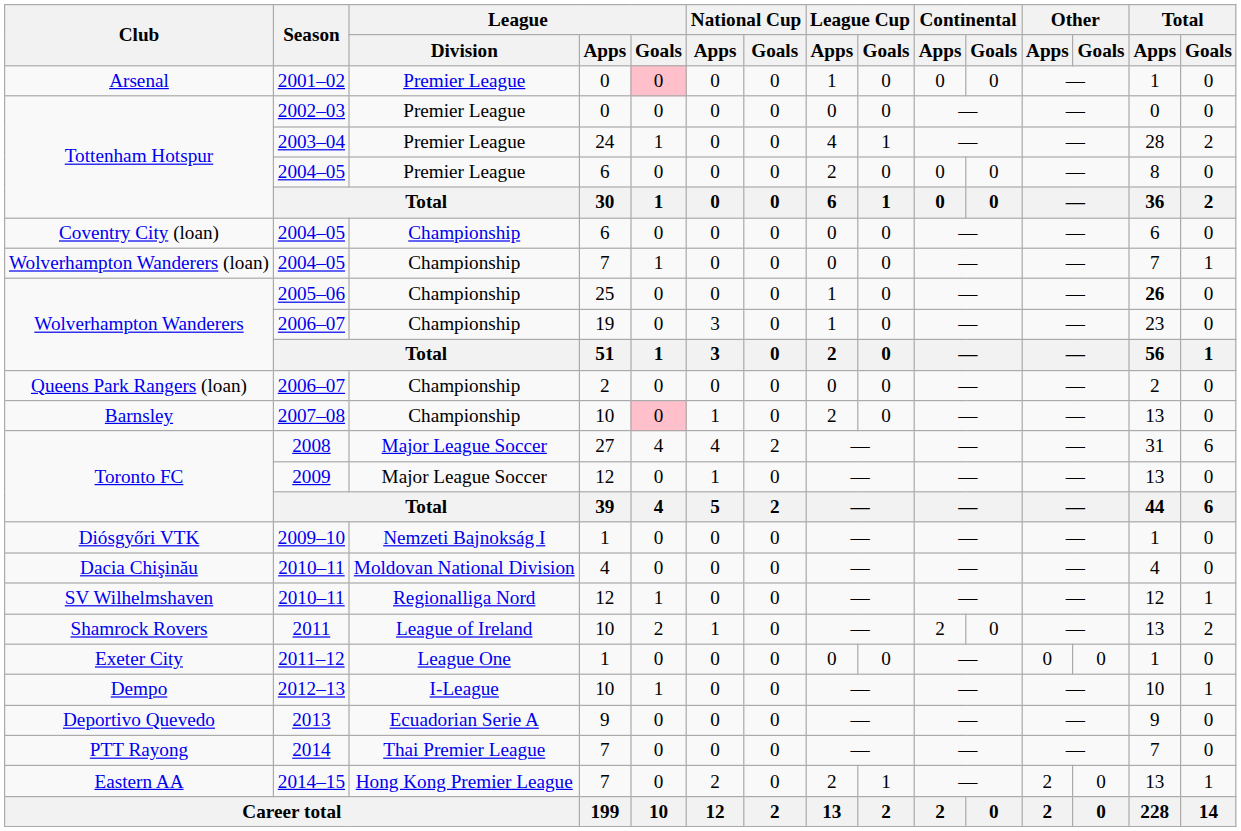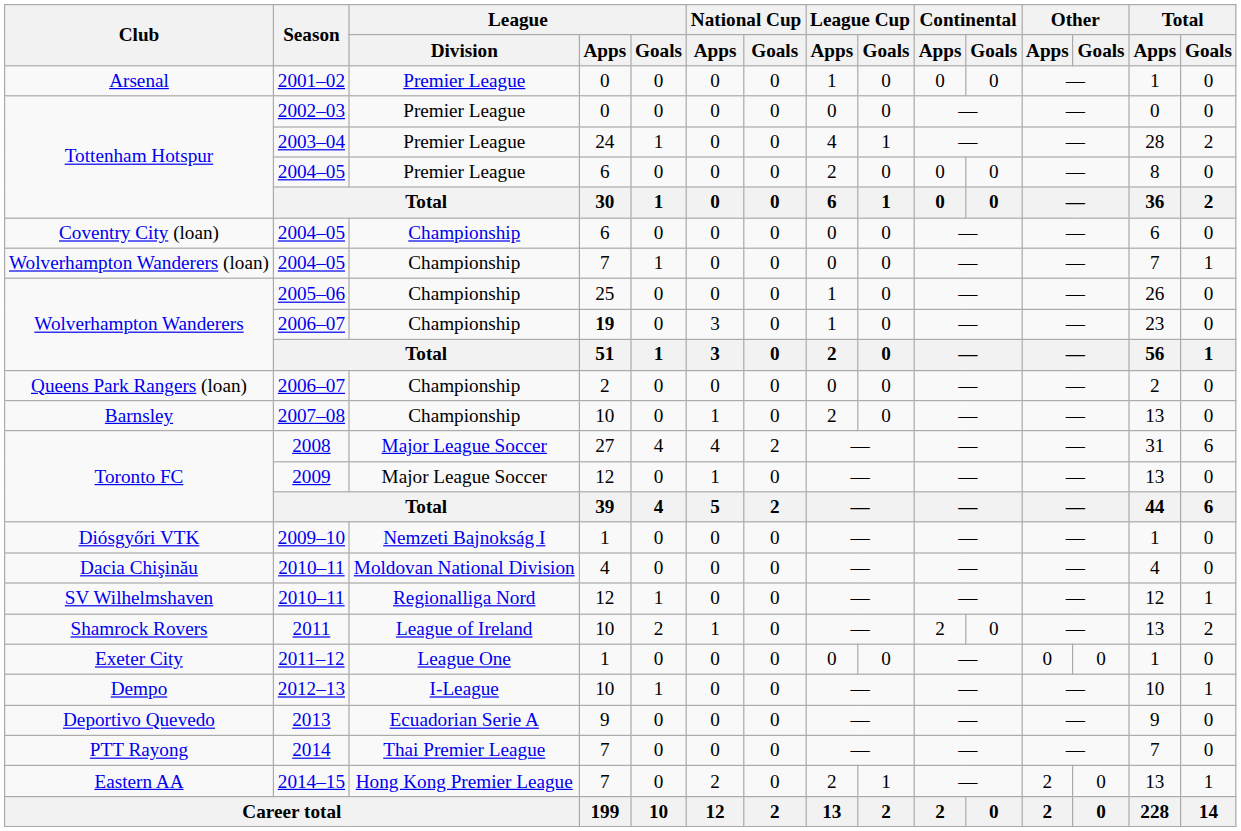 <table class="wikitable" style="text-align:center">
 <tr>
 <th rowspan="2">Club</th>
 <th rowspan="2">Season</th>
 <th colspan="3">League</th>
 <th colspan="2">National Cup</th>
 <th colspan="2">League Cup</th>
 <th colspan="2">Continental</th>
 <th colspan="2">Other</th>
 <th colspan="2">Total</th>
 </tr>
 <tr>
 <th>Division</th>
 <th>Apps</th>
 <th>Goals</th>
 <th>Apps</th>
 <th>Goals</th>
 <th>Apps</th>
 <th>Goals</th>
 <th>Apps</th>
 <th>Goals</th>
 <th>Apps</th>
 <th>Goals</th>
 <th>Apps</th>
 <th>Goals</th>
 </tr>
 <tr>
 <td><a href='#'>Arsenal</a></td>
 <td><a href='#'>2001–02</a></td>
 <td><a href='#'>Premier League</a></td>
 <td>0</td>
-<td style="background: pink;">0</td>
+<td>0</td>
 <td>0</td>
 <td>0</td>
 <td>1</td>
 <td>0</td>
 <td>0</td>
 <td>0</td>
 <td colspan="2">—</td>
 <td>1</td>
 <td>0</td>
 </tr>
 <tr>
 <td rowspan="4"><a href='#'>Tottenham Hotspur</a></td>
 <td><a href='#'>2002–03</a></td>
 <td>Premier League</td>
 <td>0</td>
 <td>0</td>
 <td>0</td>
 <td>0</td>
 <td>0</td>
 <td>0</td>
 <td colspan="2">—</td>
 <td colspan="2">—</td>
 <td>0</td>
 <td>0</td>
 </tr>
 <tr>
 <td><a href='#'>2003–04</a></td>
 <td>Premier League</td>
 <td>24</td>
 <td>1</td>
 <td>0</td>
 <td>0</td>
 <td>4</td>
 <td>1</td>
 <td colspan="2">—</td>
 <td colspan="2">—</td>
 <td>28</td>
 <td>2</td>
 </tr>
 <tr>
 <td><a href='#'>2004–05</a></td>
 <td>Premier League</td>
 <td>6</td>
 <td>0</td>
 <td>0</td>
 <td>0</td>
 <td>2</td>
 <td>0</td>
 <td>0</td>
 <td>0</td>
 <td colspan="2">—</td>
 <td>8</td>
 <td>0</td>
 </tr>
 <tr>
 <th colspan="2">Total</th>
 <th>30</th>
 <th>1</th>
 <th>0</th>
 <th>0</th>
 <th>6</th>
 <th>1</th>
 <th>0</th>
 <th>0</th>
 <th colspan="2">—</th>
 <th>36</th>
 <th>2</th>
 </tr>
 <tr>
 <td><a href='#'>Coventry City</a> (loan)</td>
 <td><a href='#'>2004–05</a></td>
 <td><a href='#'>Championship</a></td>
 <td>6</td>
 <td>0</td>
 <td>0</td>
 <td>0</td>
 <td>0</td>
 <td>0</td>
 <td colspan="2">—</td>
 <td colspan="2">—</td>
 <td>6</td>
 <td>0</td>
 </tr>
 <tr>
 <td><a href='#'>Wolverhampton Wanderers</a> (loan)</td>
 <td><a href='#'>2004–05</a></td>
 <td>Championship</td>
 <td>7</td>
 <td>1</td>
 <td>0</td>
 <td>0</td>
 <td>0</td>
 <td>0</td>
 <td colspan="2">—</td>
 <td colspan="2">—</td>
 <td>7</td>
 <td>1</td>
 </tr>
 <tr>
 <td rowspan="3"><a href='#'>Wolverhampton Wanderers</a></td>
 <td><a href='#'>2005–06</a></td>
 <td>Championship</td>
 <td>25</td>
 <td>0</td>
 <td>0</td>
 <td>0</td>
 <td>1</td>
 <td>0</td>
 <td colspan="2">—</td>
 <td colspan="2">—</td>
-<td><strong>26</strong></td>
+<td>26</td>
 <td>0</td>
 </tr>
 <tr>
 <td><a href='#'>2006–07</a></td>
 <td>Championship</td>
-<td>19</td>
+<td><strong>19</strong></td>
 <td>0</td>
 <td>3</td>
 <td>0</td>
 <td>1</td>
 <td>0</td>
 <td colspan="2">—</td>
 <td colspan="2">—</td>
 <td>23</td>
 <td>0</td>
 </tr>
 <tr>
 <th colspan="2">Total</th>
 <th>51</th>
 <th>1</th>
 <th>3</th>
 <th>0</th>
 <th>2</th>
 <th>0</th>
 <th colspan="2">—</th>
 <th colspan="2">—</th>
 <th>56</th>
 <th>1</th>
 </tr>
 <tr>
 <td><a href='#'>Queens Park Rangers</a> (loan)</td>
 <td><a href='#'>2006–07</a></td>
 <td>Championship</td>
 <td>2</td>
 <td>0</td>
 <td>0</td>
 <td>0</td>
 <td>0</td>
 <td>0</td>
 <td colspan="2">—</td>
 <td colspan="2">—</td>
 <td>2</td>
 <td>0</td>
 </tr>
 <tr>
 <td><a href='#'>Barnsley</a></td>
 <td><a href='#'>2007–08</a></td>
 <td>Championship</td>
 <td>10</td>
-<td style="background: pink;">0</td>
+<td>0</td>
 <td>1</td>
 <td>0</td>
 <td>2</td>
 <td>0</td>
 <td colspan="2">—</td>
 <td colspan="2">—</td>
 <td>13</td>
 <td>0</td>
 </tr>
 <tr>
 <td rowspan="3"><a href='#'>Toronto FC</a></td>
 <td><a href='#'>2008</a></td>
 <td><a href='#'>Major League Soccer</a></td>
 <td>27</td>
 <td>4</td>
 <td>4</td>
 <td>2</td>
 <td colspan="2">—</td>
 <td colspan="2">—</td>
 <td colspan="2">—</td>
 <td>31</td>
 <td>6</td>
 </tr>
 <tr>
 <td><a href='#'>2009</a></td>
 <td>Major League Soccer</td>
 <td>12</td>
 <td>0</td>
 <td>1</td>
 <td>0</td>
 <td colspan="2">—</td>
 <td colspan="2">—</td>
 <td colspan="2">—</td>
 <td>13</td>
 <td>0</td>
 </tr>
 <tr>
 <th colspan="2">Total</th>
 <th>39</th>
 <th>4</th>
 <th>5</th>
 <th>2</th>
 <th colspan="2">—</th>
 <th colspan="2">—</th>
 <th colspan="2">—</th>
 <th>44</th>
 <th>6</th>
 </tr>
 <tr>
 <td><a href='#'>Diósgyőri VTK</a></td>
 <td><a href='#'>2009–10</a></td>
 <td><a href='#'>Nemzeti Bajnokság I</a></td>
 <td>1</td>
 <td>0</td>
 <td>0</td>
 <td>0</td>
 <td colspan="2">—</td>
 <td colspan="2">—</td>
 <td colspan="2">—</td>
 <td>1</td>
 <td>0</td>
 </tr>
 <tr>
 <td><a href='#'>Dacia Chişinău</a></td>
 <td><a href='#'>2010–11</a></td>
 <td><a href='#'>Moldovan National Division</a></td>
 <td>4</td>
 <td>0</td>
 <td>0</td>
 <td>0</td>
 <td colspan="2">—</td>
 <td colspan="2">—</td>
 <td colspan="2">—</td>
 <td>4</td>
 <td>0</td>
 </tr>
 <tr>
 <td><a href='#'>SV Wilhelmshaven</a></td>
 <td><a href='#'>2010–11</a></td>
 <td><a href='#'>Regionalliga Nord</a></td>
 <td>12</td>
 <td>1</td>
 <td>0</td>
 <td>0</td>
 <td colspan="2">—</td>
 <td colspan="2">—</td>
 <td colspan="2">—</td>
 <td>12</td>
 <td>1</td>
 </tr>
 <tr>
 <td><a href='#'>Shamrock Rovers</a></td>
 <td><a href='#'>2011</a></td>
 <td><a href='#'>League of Ireland</a></td>
 <td>10</td>
 <td>2</td>
 <td>1</td>
 <td>0</td>
 <td colspan="2">—</td>
 <td>2</td>
 <td>0</td>
 <td colspan="2">—</td>
 <td>13</td>
 <td>2</td>
 </tr>
 <tr>
 <td><a href='#'>Exeter City</a></td>
 <td><a href='#'>2011–12</a></td>
 <td><a href='#'>League One</a></td>
 <td>1</td>
 <td>0</td>
 <td>0</td>
 <td>0</td>
 <td>0</td>
 <td>0</td>
 <td colspan="2">—</td>
 <td>0</td>
 <td>0</td>
 <td>1</td>
 <td>0</td>
 </tr>
 <tr>
 <td><a href='#'>Dempo</a></td>
 <td><a href='#'>2012–13</a></td>
 <td><a href='#'>I-League</a></td>
 <td>10</td>
 <td>1</td>
 <td>0</td>
 <td>0</td>
 <td colspan="2">—</td>
 <td colspan="2">—</td>
 <td colspan="2">—</td>
 <td>10</td>
 <td>1</td>
 </tr>
 <tr>
 <td><a href='#'>Deportivo Quevedo</a></td>
 <td><a href='#'>2013</a></td>
 <td><a href='#'>Ecuadorian Serie A</a></td>
 <td>9</td>
 <td>0</td>
 <td>0</td>
 <td>0</td>
 <td colspan="2">—</td>
 <td colspan="2">—</td>
 <td colspan="2">—</td>
 <td>9</td>
 <td>0</td>
 </tr>
 <tr>
 <td><a href='#'>PTT Rayong</a></td>
 <td><a href='#'>2014</a></td>
 <td><a href='#'>Thai Premier League</a></td>
 <td>7</td>
 <td>0</td>
 <td>0</td>
 <td>0</td>
 <td colspan="2">—</td>
 <td colspan="2">—</td>
 <td colspan="2">—</td>
 <td>7</td>
 <td>0</td>
 </tr>
 <tr>
 <td><a href='#'>Eastern AA</a></td>
 <td><a href='#'>2014–15</a></td>
 <td><a href='#'>Hong Kong Premier League</a></td>
 <td>7</td>
 <td>0</td>
 <td>2</td>
 <td>0</td>
 <td>2</td>
 <td>1</td>
 <td colspan="2">—</td>
 <td>2</td>
 <td>0</td>
 <td>13</td>
 <td>1</td>
 </tr>
 <tr>
 <th colspan="3">Career total</th>
 <th>199</th>
 <th>10</th>
 <th>12</th>
 <th>2</th>
 <th>13</th>
 <th>2</th>
 <th>2</th>
 <th>0</th>
 <th>2</th>
 <th>0</th>
 <th>228</th>
 <th>14</th>
 </tr>
 </table>
